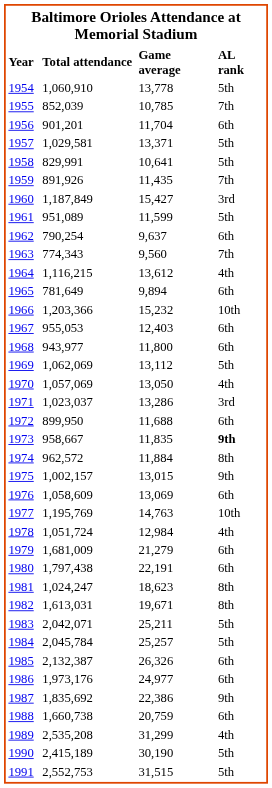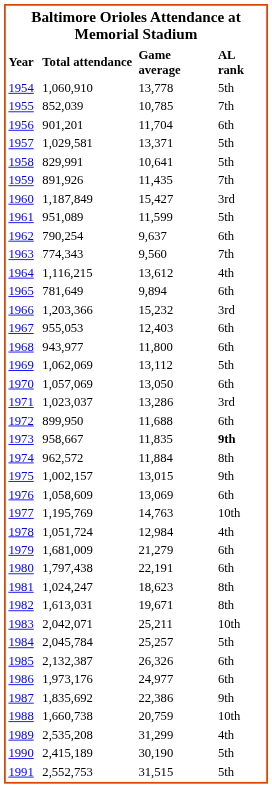 <table cellpadding="1" style="width:300px; font-size:90%; border:2px solid #DF4601;">
 <tr style="text-align:center; font-size:larger;">
 <td colspan=5><strong>Baltimore Orioles Attendance at Memorial Stadium</strong></td>
 </tr>
 <tr style=>
 <td><strong>Year</strong></td>
 <td><strong>Total attendance</strong></td>
 <td><strong>Game average</strong></td>
 <td><strong>AL rank</strong></td>
 </tr>
 <tr>
 <td><a href='#'>1954</a></td>
 <td>1,060,910</td>
 <td>13,778</td>
 <td>5th</td>
 </tr>
 <tr>
 <td><a href='#'>1955</a></td>
 <td>852,039</td>
 <td>10,785</td>
 <td>7th</td>
 </tr>
 <tr>
 <td><a href='#'>1956</a></td>
 <td>901,201</td>
 <td>11,704</td>
 <td>6th</td>
 </tr>
 <tr>
 <td><a href='#'>1957</a></td>
 <td>1,029,581</td>
 <td>13,371</td>
 <td>5th</td>
 </tr>
 <tr>
 <td><a href='#'>1958</a></td>
 <td>829,991</td>
 <td>10,641</td>
 <td>5th</td>
 </tr>
 <tr>
 <td><a href='#'>1959</a></td>
 <td>891,926</td>
 <td>11,435</td>
 <td>7th</td>
 </tr>
 <tr>
 <td><a href='#'>1960</a></td>
 <td>1,187,849</td>
 <td>15,427</td>
 <td>3rd</td>
 </tr>
 <tr>
 <td><a href='#'>1961</a></td>
 <td>951,089</td>
 <td>11,599</td>
 <td>5th</td>
 </tr>
 <tr>
 <td><a href='#'>1962</a></td>
 <td>790,254</td>
 <td>9,637</td>
 <td>6th</td>
 </tr>
 <tr>
 <td><a href='#'>1963</a></td>
 <td>774,343</td>
 <td>9,560</td>
 <td>7th</td>
 </tr>
 <tr>
 <td><a href='#'>1964</a></td>
 <td>1,116,215</td>
 <td>13,612</td>
 <td>4th</td>
 </tr>
 <tr>
 <td><a href='#'>1965</a></td>
 <td>781,649</td>
 <td>9,894</td>
 <td>6th</td>
 </tr>
 <tr>
 <td><a href='#'>1966</a></td>
 <td>1,203,366</td>
 <td>15,232</td>
-<td>10th</td>
+<td>3rd</td>
 </tr>
 <tr>
 <td><a href='#'>1967</a></td>
 <td>955,053</td>
 <td>12,403</td>
 <td>6th</td>
 </tr>
 <tr>
 <td><a href='#'>1968</a></td>
 <td>943,977</td>
 <td>11,800</td>
 <td>6th</td>
 </tr>
 <tr>
 <td><a href='#'>1969</a></td>
 <td>1,062,069</td>
 <td>13,112</td>
 <td>5th</td>
 </tr>
 <tr>
 <td><a href='#'>1970</a></td>
 <td>1,057,069</td>
 <td>13,050</td>
-<td>4th</td>
+<td>6th</td>
 </tr>
 <tr>
 <td><a href='#'>1971</a></td>
 <td>1,023,037</td>
 <td>13,286</td>
 <td>3rd</td>
 </tr>
 <tr>
 <td><a href='#'>1972</a></td>
 <td>899,950</td>
 <td>11,688</td>
 <td>6th</td>
 </tr>
 <tr>
 <td><a href='#'>1973</a></td>
 <td>958,667</td>
 <td>11,835</td>
 <td><strong>9th</strong></td>
 </tr>
 <tr>
 <td><a href='#'>1974</a></td>
 <td>962,572</td>
 <td>11,884</td>
 <td>8th</td>
 </tr>
 <tr>
 <td><a href='#'>1975</a></td>
 <td>1,002,157</td>
 <td>13,015</td>
 <td>9th</td>
 </tr>
 <tr>
 <td><a href='#'>1976</a></td>
 <td>1,058,609</td>
 <td>13,069</td>
 <td>6th</td>
 </tr>
 <tr>
 <td><a href='#'>1977</a></td>
 <td>1,195,769</td>
 <td>14,763</td>
 <td>10th</td>
 </tr>
 <tr>
 <td><a href='#'>1978</a></td>
 <td>1,051,724</td>
 <td>12,984</td>
 <td>4th</td>
 </tr>
 <tr>
 <td><a href='#'>1979</a></td>
 <td>1,681,009</td>
 <td>21,279</td>
 <td>6th</td>
 </tr>
 <tr>
 <td><a href='#'>1980</a></td>
 <td>1,797,438</td>
 <td>22,191</td>
 <td>6th</td>
 </tr>
 <tr>
 <td><a href='#'>1981</a></td>
 <td>1,024,247</td>
 <td>18,623</td>
 <td>8th</td>
 </tr>
 <tr>
 <td><a href='#'>1982</a></td>
 <td>1,613,031</td>
 <td>19,671</td>
 <td>8th</td>
 </tr>
 <tr>
 <td><a href='#'>1983</a></td>
 <td>2,042,071</td>
 <td>25,211</td>
-<td>5th</td>
+<td>10th</td>
 </tr>
 <tr>
 <td><a href='#'>1984</a></td>
 <td>2,045,784</td>
 <td>25,257</td>
 <td>5th</td>
 </tr>
 <tr>
 <td><a href='#'>1985</a></td>
 <td>2,132,387</td>
 <td>26,326</td>
 <td>6th</td>
 </tr>
 <tr>
 <td><a href='#'>1986</a></td>
 <td>1,973,176</td>
 <td>24,977</td>
 <td>6th</td>
 </tr>
 <tr>
 <td><a href='#'>1987</a></td>
 <td>1,835,692</td>
 <td>22,386</td>
 <td>9th</td>
 </tr>
 <tr>
 <td><a href='#'>1988</a></td>
 <td>1,660,738</td>
 <td>20,759</td>
-<td>6th</td>
+<td>10th</td>
 </tr>
 <tr>
 <td><a href='#'>1989</a></td>
 <td>2,535,208</td>
 <td>31,299</td>
 <td>4th</td>
 </tr>
 <tr>
 <td><a href='#'>1990</a></td>
 <td>2,415,189</td>
 <td>30,190</td>
 <td>5th</td>
 </tr>
 <tr>
 <td><a href='#'>1991</a></td>
 <td>2,552,753</td>
 <td>31,515</td>
 <td>5th</td>
 </tr>
 </table>
